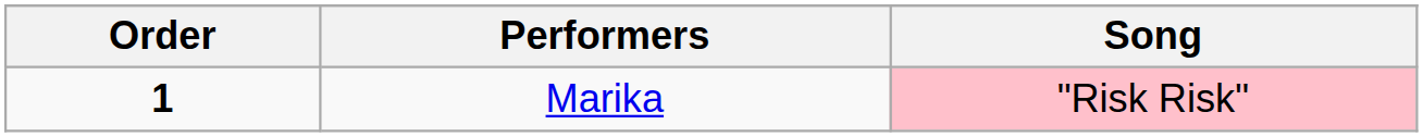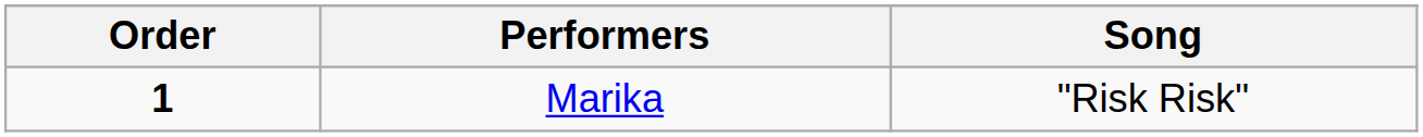 <table class="wikitable" style="text-align:center; width:65%;">
 <tr>
 </tr>
 <tr>
 <th>Order</th>
 <th>Performers</th>
 <th>Song</th>
 </tr>
 <tr>
 <td><strong>1</strong></td>
 <td><a href='#'>Marika</a></td>
-<td style="background: pink;">"Risk Risk"</td>
+<td>"Risk Risk"</td>
 </tr>
 </table>
